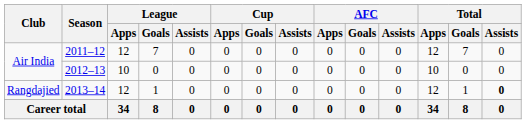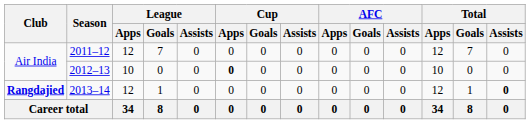 <table class="wikitable" style="font-size:90%; text-align:center;">
 <tr>
 <th rowspan="2">Club</th>
 <th rowspan="2">Season</th>
 <th colspan="3">League</th>
 <th colspan="3">Cup</th>
 <th colspan="3"><a href='#'>AFC</a></th>
 <th colspan="3">Total</th>
 </tr>
 <tr>
 <th>Apps</th>
 <th>Goals</th>
 <th>Assists</th>
 <th>Apps</th>
 <th>Goals</th>
 <th>Assists</th>
 <th>Apps</th>
 <th>Goals</th>
 <th>Assists</th>
 <th>Apps</th>
 <th>Goals</th>
 <th>Assists</th>
 </tr>
 <tr>
 <td rowspan="2"><a href='#'>Air India</a></td>
 <td><a href='#'>2011–12</a></td>
 <td>12</td>
 <td>7</td>
 <td>0</td>
 <td>0</td>
 <td>0</td>
 <td>0</td>
 <td>0</td>
 <td>0</td>
 <td>0</td>
 <td>12</td>
 <td>7</td>
 <td>0</td>
 </tr>
 <tr>
 <td><a href='#'>2012–13</a></td>
 <td>10</td>
 <td>0</td>
 <td>0</td>
-<td>0</td>
+<td><strong>0</strong></td>
 <td>0</td>
 <td>0</td>
 <td>0</td>
 <td>0</td>
 <td>0</td>
 <td>10</td>
 <td>0</td>
 <td>0</td>
 </tr>
 <tr>
-<td><a href='#'>Rangdajied</a></td>
+<td><strong><a href='#'>Rangdajied</a></strong></td>
 <td><a href='#'>2013–14</a></td>
 <td>12</td>
 <td>1</td>
 <td>0</td>
 <td>0</td>
 <td>0</td>
 <td>0</td>
 <td>0</td>
 <td>0</td>
 <td>0</td>
 <td>12</td>
 <td>1</td>
 <td><strong>0</strong></td>
 </tr>
 <tr>
 <th colspan="2">Career total</th>
 <th>34</th>
 <th>8</th>
 <th>0</th>
 <th>0</th>
 <th>0</th>
 <th>0</th>
 <th>0</th>
 <th>0</th>
 <th>0</th>
 <th>34</th>
 <th>8</th>
 <th>0</th>
 </tr>
 </table>
